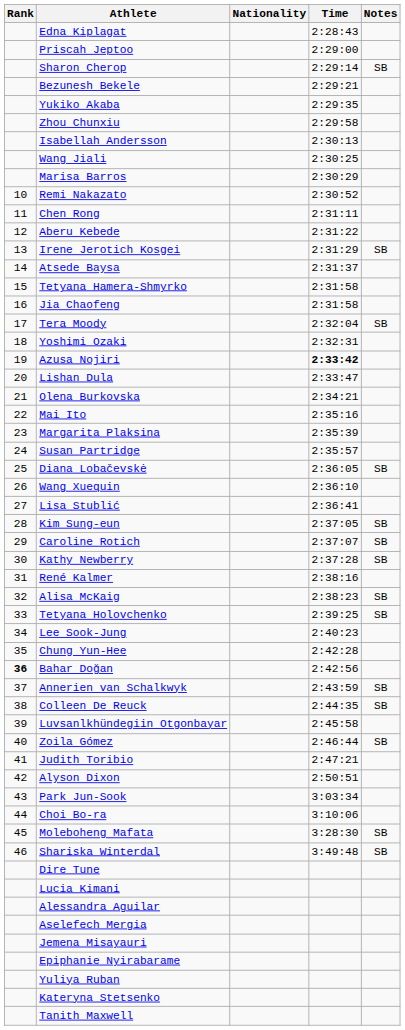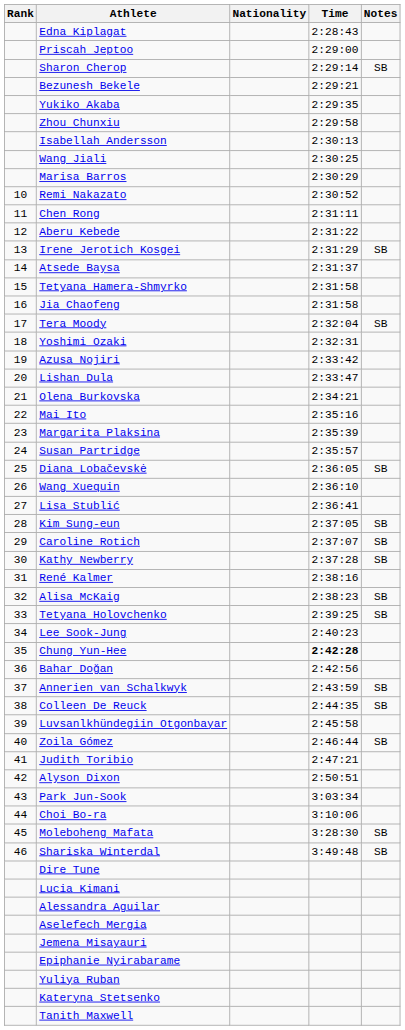 <table class="wikitable sortable" style=text-align:center>
 <tr>
 <th>Rank</th>
 <th>Athlete</th>
 <th>Nationality</th>
 <th>Time</th>
 <th>Notes</th>
 </tr>
 <tr>
 <td></td>
 <td align=left><a href='#'>Edna Kiplagat</a></td>
 <td align=left></td>
 <td>2:28:43</td>
 <td></td>
 </tr>
 <tr>
 <td></td>
 <td align=left><a href='#'>Priscah Jeptoo</a></td>
 <td align=left></td>
 <td>2:29:00</td>
 <td></td>
 </tr>
 <tr>
 <td></td>
 <td align=left><a href='#'>Sharon Cherop</a></td>
 <td align=left></td>
 <td>2:29:14</td>
 <td>SB</td>
 </tr>
 <tr>
 <td></td>
 <td align=left><a href='#'>Bezunesh Bekele</a></td>
 <td align=left></td>
 <td>2:29:21</td>
 <td></td>
 </tr>
 <tr>
 <td></td>
 <td align=left><a href='#'>Yukiko Akaba</a></td>
 <td align=left></td>
 <td>2:29:35</td>
 <td></td>
 </tr>
 <tr>
 <td></td>
 <td align=left><a href='#'>Zhou Chunxiu</a></td>
 <td align=left></td>
 <td>2:29:58</td>
 <td></td>
 </tr>
 <tr>
 <td></td>
 <td align=left><a href='#'>Isabellah Andersson</a></td>
 <td align=left></td>
 <td>2:30:13</td>
 <td></td>
 </tr>
 <tr>
 <td></td>
 <td align=left><a href='#'>Wang Jiali</a></td>
 <td align=left></td>
 <td>2:30:25</td>
 <td></td>
 </tr>
 <tr>
 <td></td>
 <td align=left><a href='#'>Marisa Barros</a></td>
 <td align=left></td>
 <td>2:30:29</td>
 <td></td>
 </tr>
 <tr>
 <td>10</td>
 <td align=left><a href='#'>Remi Nakazato</a></td>
 <td align=left></td>
 <td>2:30:52</td>
 <td></td>
 </tr>
 <tr>
 <td>11</td>
 <td align=left><a href='#'>Chen Rong</a></td>
 <td align=left></td>
 <td>2:31:11</td>
 <td></td>
 </tr>
 <tr>
 <td>12</td>
 <td align=left><a href='#'>Aberu Kebede</a></td>
 <td align=left></td>
 <td>2:31:22</td>
 <td></td>
 </tr>
 <tr>
 <td>13</td>
 <td align=left><a href='#'>Irene Jerotich Kosgei</a></td>
 <td align=left></td>
 <td>2:31:29</td>
 <td>SB</td>
 </tr>
 <tr>
 <td>14</td>
 <td align=left><a href='#'>Atsede Baysa</a></td>
 <td align=left></td>
 <td>2:31:37</td>
 <td></td>
 </tr>
 <tr>
 <td>15</td>
 <td align=left><a href='#'>Tetyana Hamera-Shmyrko</a></td>
 <td align=left></td>
 <td>2:31:58</td>
 <td></td>
 </tr>
 <tr>
 <td>16</td>
 <td align=left><a href='#'>Jia Chaofeng</a></td>
 <td align=left></td>
 <td>2:31:58</td>
 <td></td>
 </tr>
 <tr>
 <td>17</td>
 <td align=left><a href='#'>Tera Moody</a></td>
 <td align=left></td>
 <td>2:32:04</td>
 <td>SB</td>
 </tr>
 <tr>
 <td>18</td>
 <td align=left><a href='#'>Yoshimi Ozaki</a></td>
 <td align=left></td>
 <td>2:32:31</td>
 <td></td>
 </tr>
 <tr>
 <td>19</td>
 <td align=left><a href='#'>Azusa Nojiri</a></td>
 <td align=left></td>
-<td><strong>2:33:42</strong></td>
+<td>2:33:42</td>
 <td></td>
 </tr>
 <tr>
 <td>20</td>
 <td align=left><a href='#'>Lishan Dula</a></td>
 <td align=left></td>
 <td>2:33:47</td>
 <td></td>
 </tr>
 <tr>
 <td>21</td>
 <td align=left><a href='#'>Olena Burkovska</a></td>
 <td align=left></td>
 <td>2:34:21</td>
 <td></td>
 </tr>
 <tr>
 <td>22</td>
 <td align=left><a href='#'>Mai Ito</a></td>
 <td align=left></td>
 <td>2:35:16</td>
 <td></td>
 </tr>
 <tr>
 <td>23</td>
 <td align=left><a href='#'>Margarita Plaksina</a></td>
 <td align=left></td>
 <td>2:35:39</td>
 <td></td>
 </tr>
 <tr>
 <td>24</td>
 <td align=left><a href='#'>Susan Partridge</a></td>
 <td align=left></td>
 <td>2:35:57</td>
 <td></td>
 </tr>
 <tr>
 <td>25</td>
 <td align=left><a href='#'>Diana Lobačevskė</a></td>
 <td align=left></td>
 <td>2:36:05</td>
 <td>SB</td>
 </tr>
 <tr>
 <td>26</td>
 <td align=left><a href='#'>Wang Xuequin</a></td>
 <td align=left></td>
 <td>2:36:10</td>
 <td></td>
 </tr>
 <tr>
 <td>27</td>
 <td align=left><a href='#'>Lisa Stublić</a></td>
 <td align=left></td>
 <td>2:36:41</td>
 <td></td>
 </tr>
 <tr>
 <td>28</td>
 <td align=left><a href='#'>Kim Sung-eun</a></td>
 <td align=left></td>
 <td>2:37:05</td>
 <td>SB</td>
 </tr>
 <tr>
 <td>29</td>
 <td align=left><a href='#'>Caroline Rotich</a></td>
 <td align=left></td>
 <td>2:37:07</td>
 <td>SB</td>
 </tr>
 <tr>
 <td>30</td>
 <td align=left><a href='#'>Kathy Newberry</a></td>
 <td align=left></td>
 <td>2:37:28</td>
 <td>SB</td>
 </tr>
 <tr>
 <td>31</td>
 <td align=left><a href='#'>René Kalmer</a></td>
 <td align=left></td>
 <td>2:38:16</td>
 <td></td>
 </tr>
 <tr>
 <td>32</td>
 <td align=left><a href='#'>Alisa McKaig</a></td>
 <td align=left></td>
 <td>2:38:23</td>
 <td>SB</td>
 </tr>
 <tr>
 <td>33</td>
 <td align=left><a href='#'>Tetyana Holovchenko</a></td>
 <td align=left></td>
 <td>2:39:25</td>
 <td>SB</td>
 </tr>
 <tr>
 <td>34</td>
 <td align=left><a href='#'>Lee Sook-Jung</a></td>
 <td align=left></td>
 <td>2:40:23</td>
 <td></td>
 </tr>
 <tr>
 <td>35</td>
 <td align=left><a href='#'>Chung Yun-Hee</a></td>
 <td align=left></td>
-<td>2:42:28</td>
+<td><strong>2:42:28</strong></td>
 <td></td>
 </tr>
 <tr>
-<td><strong>36</strong></td>
+<td>36</td>
 <td align=left><a href='#'>Bahar Doğan</a></td>
 <td align=left></td>
 <td>2:42:56</td>
 <td></td>
 </tr>
 <tr>
 <td>37</td>
 <td align=left><a href='#'>Annerien van Schalkwyk</a></td>
 <td align=left></td>
 <td>2:43:59</td>
 <td>SB</td>
 </tr>
 <tr>
 <td>38</td>
 <td align=left><a href='#'>Colleen De Reuck</a></td>
 <td align=left></td>
 <td>2:44:35</td>
 <td>SB</td>
 </tr>
 <tr>
 <td>39</td>
 <td align=left><a href='#'>Luvsanlkhündegiin Otgonbayar</a></td>
 <td align=left></td>
 <td>2:45:58</td>
 <td></td>
 </tr>
 <tr>
 <td>40</td>
 <td align=left><a href='#'>Zoila Gómez</a></td>
 <td align=left></td>
 <td>2:46:44</td>
 <td>SB</td>
 </tr>
 <tr>
 <td>41</td>
 <td align=left><a href='#'>Judith Toribio</a></td>
 <td align=left></td>
 <td>2:47:21</td>
 <td></td>
 </tr>
 <tr>
 <td>42</td>
 <td align=left><a href='#'>Alyson Dixon</a></td>
 <td align=left></td>
 <td>2:50:51</td>
 <td></td>
 </tr>
 <tr>
 <td>43</td>
 <td align=left><a href='#'>Park Jun-Sook</a></td>
 <td align=left></td>
 <td>3:03:34</td>
 <td></td>
 </tr>
 <tr>
 <td>44</td>
 <td align=left><a href='#'>Choi Bo-ra</a></td>
 <td align=left></td>
 <td>3:10:06</td>
 <td></td>
 </tr>
 <tr>
 <td>45</td>
 <td align=left><a href='#'>Moleboheng Mafata</a></td>
 <td align=left></td>
 <td>3:28:30</td>
 <td>SB</td>
 </tr>
 <tr>
 <td>46</td>
 <td align=left><a href='#'>Shariska Winterdal</a></td>
 <td align=left></td>
 <td>3:49:48</td>
 <td>SB</td>
 </tr>
 <tr>
 <td></td>
 <td align=left><a href='#'>Dire Tune</a></td>
 <td align=left></td>
 <td></td>
 <td></td>
 </tr>
 <tr>
 <td></td>
 <td align=left><a href='#'>Lucia Kimani</a></td>
 <td align=left></td>
 <td></td>
 <td></td>
 </tr>
 <tr>
 <td></td>
 <td align=left><a href='#'>Alessandra Aguilar</a></td>
 <td align=left></td>
 <td></td>
 <td></td>
 </tr>
 <tr>
 <td></td>
 <td align=left><a href='#'>Aselefech Mergia</a></td>
 <td align=left></td>
 <td></td>
 <td></td>
 </tr>
 <tr>
 <td></td>
 <td align=left><a href='#'>Jemena Misayauri</a></td>
 <td align=left></td>
 <td></td>
 <td></td>
 </tr>
 <tr>
 <td></td>
 <td align=left><a href='#'>Epiphanie Nyirabarame</a></td>
 <td align=left></td>
 <td></td>
 <td></td>
 </tr>
 <tr>
 <td></td>
 <td align=left><a href='#'>Yuliya Ruban</a></td>
 <td align=left></td>
 <td></td>
 <td></td>
 </tr>
 <tr>
 <td></td>
 <td align=left><a href='#'>Kateryna Stetsenko</a></td>
 <td align=left></td>
 <td></td>
 <td></td>
 </tr>
 <tr>
 <td></td>
 <td align=left><a href='#'>Tanith Maxwell</a></td>
 <td align=left></td>
 <td></td>
 <td></td>
 </tr>
 </table>
